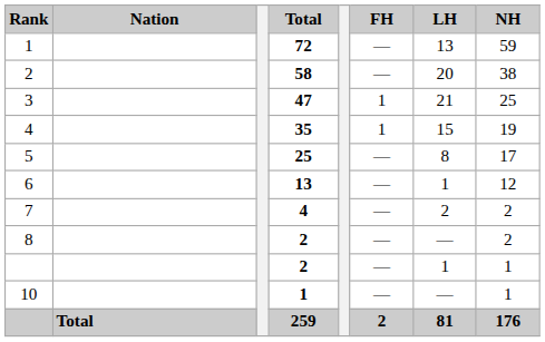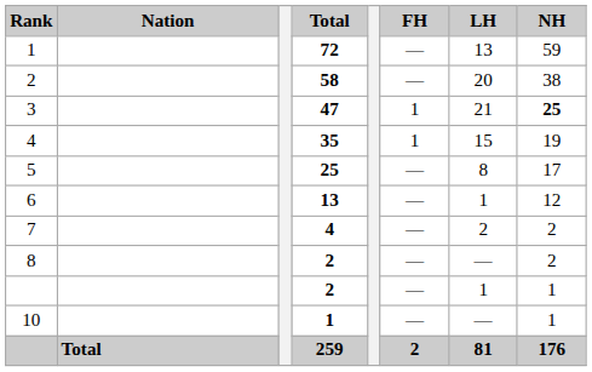 <table class="wikitable plainrowheaders" style="background:#fff; font-size:86%; line-height:16px; border:grey solid 1px; border-collapse:collapse;">
 <tr style="background:#ccc; text-align:center;">
 <th style="background:#ccc;">Rank</th>
 <th width="40" style="background:#ccc;">Nation</th>
 <th rowspan="12" width="2"> </th>
 <th width="50" style="background:#ccc;">Total</th>
 <th rowspan="12" width="2"> </th>
 <th width="45" style="background:#ccc;">FH</th>
 <th width="45" style="background:#ccc;">LH</th>
 <th width="45" style="background:#ccc;">NH</th>
 </tr>
 <tr align=center>
 <td align=center>1</td>
 <td align=left width=160></td>
 <td><strong>72</strong></td>
 <td>—</td>
 <td>13</td>
 <td>59</td>
 </tr>
 <tr align=center>
 <td align=center>2</td>
 <td align=left></td>
 <td><strong>58</strong></td>
 <td>—</td>
 <td>20</td>
 <td>38</td>
 </tr>
 <tr align=center>
 <td align=center>3</td>
 <td align=left></td>
 <td><strong>47</strong></td>
 <td>1</td>
 <td>21</td>
-<td>25</td>
+<td><strong>25</strong></td>
 </tr>
 <tr align=center>
 <td align=center>4</td>
 <td align=left></td>
 <td><strong>35</strong></td>
 <td>1</td>
 <td>15</td>
 <td>19</td>
 </tr>
 <tr align=center>
 <td align=center>5</td>
 <td align=left></td>
 <td><strong>25</strong></td>
 <td>—</td>
 <td>8</td>
 <td>17</td>
 </tr>
 <tr align=center>
 <td align=center>6</td>
 <td align=left></td>
 <td><strong>13</strong></td>
 <td>—</td>
 <td>1</td>
 <td>12</td>
 </tr>
 <tr align=center>
 <td align=center>7</td>
 <td align=left></td>
 <td><strong>4</strong></td>
 <td>—</td>
 <td>2</td>
 <td>2</td>
 </tr>
 <tr align=center>
 <td align=center>8</td>
 <td align=left></td>
 <td><strong>2</strong></td>
 <td>—</td>
 <td>—</td>
 <td>2</td>
 </tr>
 <tr align=center>
 <td align=center></td>
 <td align=left></td>
 <td><strong>2</strong></td>
 <td>—</td>
 <td>1</td>
 <td>1</td>
 </tr>
 <tr align=center>
 <td align=center>10</td>
 <td align=left></td>
 <td><strong>1</strong></td>
 <td>—</td>
 <td>—</td>
 <td>1</td>
 </tr>
 <tr bgcolor=#D3D3D3 align=center>
 <th style="background:#ccc;"></th>
 <td style="background:#ccc;" align=left><strong>Total</strong></td>
 <th style="background:#ccc;">259</th>
 <th style="background:#ccc;">2</th>
 <th style="background:#ccc;">81</th>
 <th style="background:#ccc;">176</th>
 </tr>
 </table>
